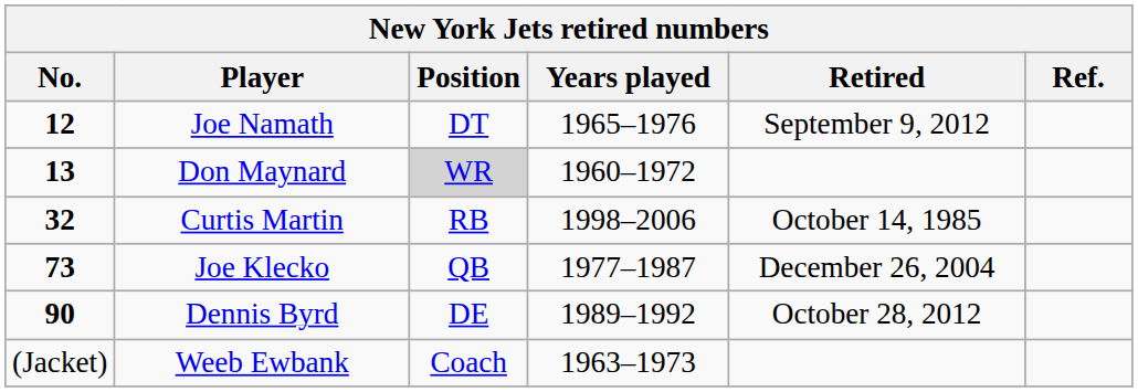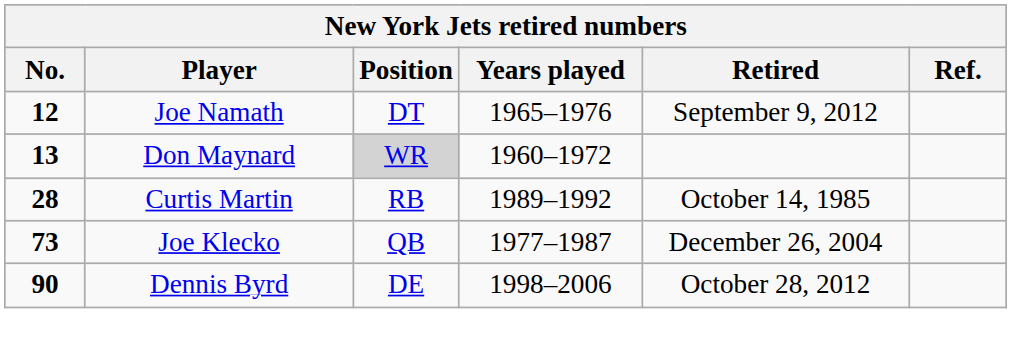 <table class="wikitable" style="text-align:center">
 <tr>
 <th colspan="6">New York Jets retired numbers</th>
 </tr>
 <tr>
 <th width=40px>No.</th>
 <th width=150px>Player</th>
 <th width=40px>Position</th>
 <th width=100px>Years played</th>
 <th width=150px>Retired</th>
 <th width=50px>Ref.</th>
 </tr>
 <tr>
 <td><strong>12</strong></td>
 <td><a href='#'>Joe Namath</a></td>
 <td><a href='#'>DT</a></td>
 <td>1965–1976</td>
 <td>September 9, 2012</td>
 <td></td>
 </tr>
 <tr>
 <td><strong>13</strong></td>
 <td><a href='#'>Don Maynard</a></td>
 <td style="background: lightgrey;"><a href='#'>WR</a></td>
 <td>1960–1972</td>
 <td> </td>
 <td></td>
 </tr>
 <tr>
-<td><strong>32</strong></td>
+<td><strong>28</strong></td>
 <td><a href='#'>Curtis Martin</a></td>
 <td><a href='#'>RB</a></td>
-<td>1998–2006</td>
+<td>1989–1992</td>
 <td>October 14, 1985</td>
 <td></td>
 </tr>
 <tr>
 <td><strong>73</strong></td>
 <td><a href='#'>Joe Klecko</a></td>
 <td><a href='#'>QB</a></td>
 <td>1977–1987</td>
 <td>December 26, 2004</td>
 <td></td>
 </tr>
 <tr>
 <td><strong>90</strong></td>
 <td><a href='#'>Dennis Byrd</a></td>
 <td><a href='#'>DE</a></td>
-<td>1989–1992</td>
+<td>1998–2006</td>
 <td>October 28, 2012</td>
 <td></td>
 </tr>
-<tr>
-<td>(Jacket)</td>
-<td><a href='#'>Weeb Ewbank</a></td>
-<td><a href='#'>Coach</a></td>
-<td>1963–1973</td>
-<td> </td>
-<td></td>
-</tr>
 </table>
